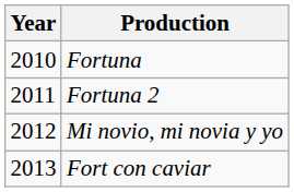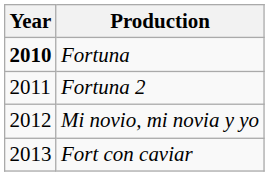 <table class="wikitable">
 <tr>
 <th>Year</th>
 <th>Production</th>
 </tr>
 <tr>
-<td>2010</td>
+<td><strong>2010</strong></td>
 <td><em>Fortuna</em></td>
 </tr>
 <tr>
 <td>2011</td>
 <td><em>Fortuna 2</em></td>
 </tr>
 <tr>
 <td>2012</td>
 <td><em>Mi novio, mi novia y yo</em></td>
 </tr>
 <tr>
 <td>2013</td>
 <td><em>Fort con caviar</em></td>
 </tr>
 </table>
